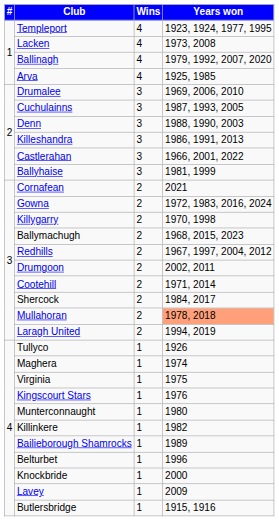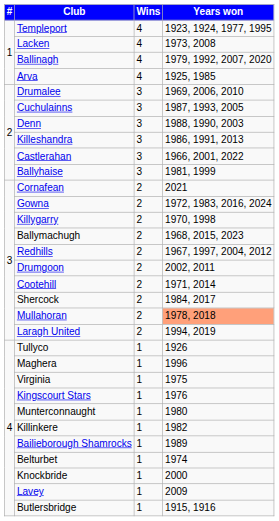 <table class="wikitable">
 <tr>
 <th style="background:blue;color:white;">#</th>
 <th style="background:blue;color:white;">Club</th>
 <th style="background:blue;color:white;">Wins</th>
 <th style="background:blue;color:white;">Years won</th>
 </tr>
 <tr>
 <td rowspan=4>1</td>
 <td><a href='#'>Templeport</a></td>
 <td>4</td>
 <td>1923, 1924, 1977, 1995</td>
 </tr>
 <tr>
 <td><a href='#'>Lacken</a></td>
 <td>4</td>
 <td>1973, 2008</td>
 </tr>
 <tr>
 <td><a href='#'>Ballinagh</a></td>
 <td>4</td>
 <td>1979, 1992, 2007, 2020</td>
 </tr>
 <tr>
 <td><a href='#'>Arva</a></td>
 <td>4</td>
 <td>1925, 1985</td>
 </tr>
 <tr>
 <td rowspan=6>2</td>
 <td><a href='#'>Drumalee</a></td>
 <td>3</td>
 <td>1969, 2006, 2010</td>
 </tr>
 <tr>
 <td><a href='#'>Cuchulainns</a></td>
 <td>3</td>
 <td>1987, 1993, 2005</td>
 </tr>
 <tr>
 <td><a href='#'>Denn</a></td>
 <td>3</td>
 <td>1988, 1990, 2003</td>
 </tr>
 <tr>
 <td><a href='#'>Killeshandra</a></td>
 <td>3</td>
 <td>1986, 1991, 2013</td>
 </tr>
 <tr>
 <td><a href='#'>Castlerahan</a></td>
 <td>3</td>
 <td>1966, 2001, 2022</td>
 </tr>
 <tr>
 <td><a href='#'>Ballyhaise</a></td>
 <td>3</td>
 <td>1981, 1999</td>
 </tr>
 <tr>
 <td rowspan=10>3</td>
 <td><a href='#'>Cornafean</a></td>
 <td>2</td>
 <td>2021</td>
 </tr>
 <tr>
 <td><a href='#'>Gowna</a></td>
 <td>2</td>
 <td>1972, 1983, 2016, 2024</td>
 </tr>
 <tr>
 <td><a href='#'>Killygarry</a></td>
 <td>2</td>
 <td>1970, 1998</td>
 </tr>
 <tr>
 <td>Ballymachugh</td>
 <td>2</td>
 <td>1968, 2015, 2023</td>
 </tr>
 <tr>
 <td><a href='#'>Redhills</a></td>
 <td>2</td>
 <td>1967, 1997, 2004, 2012</td>
 </tr>
 <tr>
 <td><a href='#'>Drumgoon</a></td>
 <td>2</td>
 <td>2002, 2011</td>
 </tr>
 <tr>
 <td><a href='#'>Cootehill</a></td>
 <td>2</td>
 <td>1971, 2014</td>
 </tr>
 <tr>
 <td>Shercock</td>
 <td>2</td>
 <td>1984, 2017</td>
 </tr>
 <tr>
 <td><a href='#'>Mullahoran</a></td>
 <td>2</td>
 <td style="background: lightsalmon;">1978, 2018</td>
 </tr>
 <tr>
 <td><a href='#'>Laragh United</a></td>
 <td>2</td>
 <td>1994, 2019</td>
 </tr>
 <tr>
 <td rowspan=11>4</td>
 <td>Tullyco</td>
 <td>1</td>
 <td>1926</td>
 </tr>
 <tr>
 <td>Maghera</td>
 <td>1</td>
-<td>1974</td>
+<td>1996</td>
 </tr>
 <tr>
 <td>Virginia</td>
 <td>1</td>
 <td>1975</td>
 </tr>
 <tr>
 <td><a href='#'>Kingscourt Stars</a></td>
 <td>1</td>
 <td>1976</td>
 </tr>
 <tr>
 <td>Munterconnaught</td>
 <td>1</td>
 <td>1980</td>
 </tr>
 <tr>
 <td>Killinkere</td>
 <td>1</td>
 <td>1982</td>
 </tr>
 <tr>
 <td><a href='#'>Bailieborough Shamrocks</a></td>
 <td>1</td>
 <td>1989</td>
 </tr>
 <tr>
 <td>Belturbet</td>
 <td>1</td>
-<td>1996</td>
+<td>1974</td>
 </tr>
 <tr>
 <td>Knockbride</td>
 <td>1</td>
 <td>2000</td>
 </tr>
 <tr>
 <td><a href='#'>Lavey</a></td>
 <td>1</td>
 <td>2009</td>
 </tr>
 <tr>
 <td>Butlersbridge</td>
 <td>1</td>
 <td>1915, 1916</td>
 </tr>
 </table>
